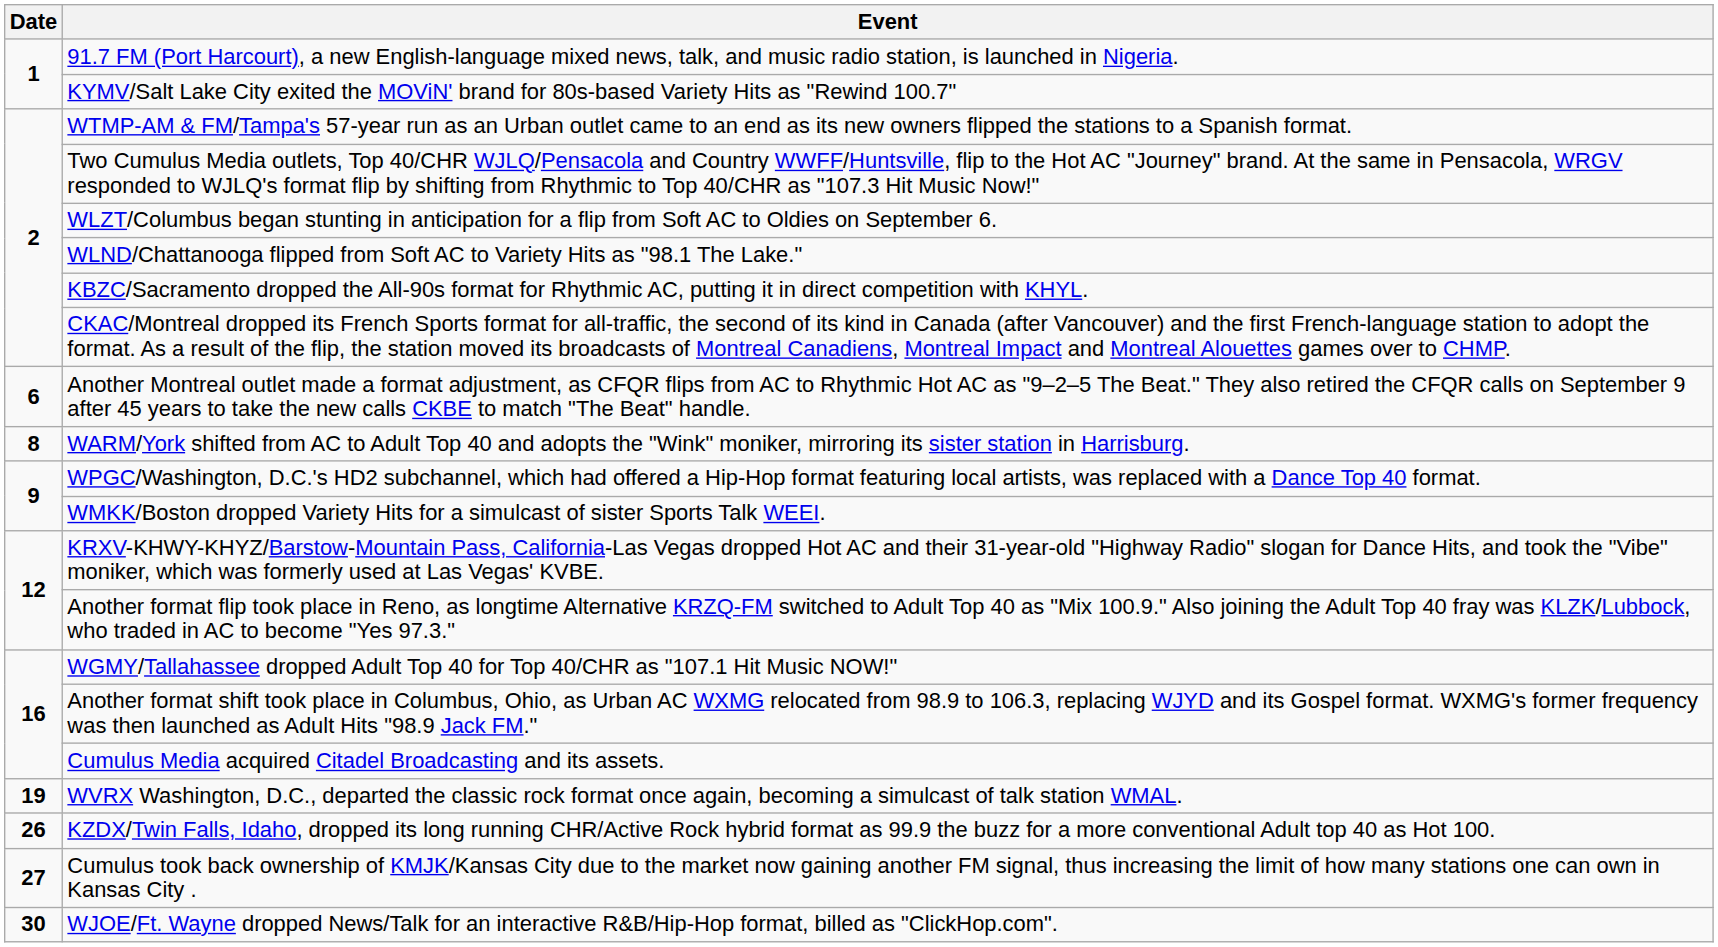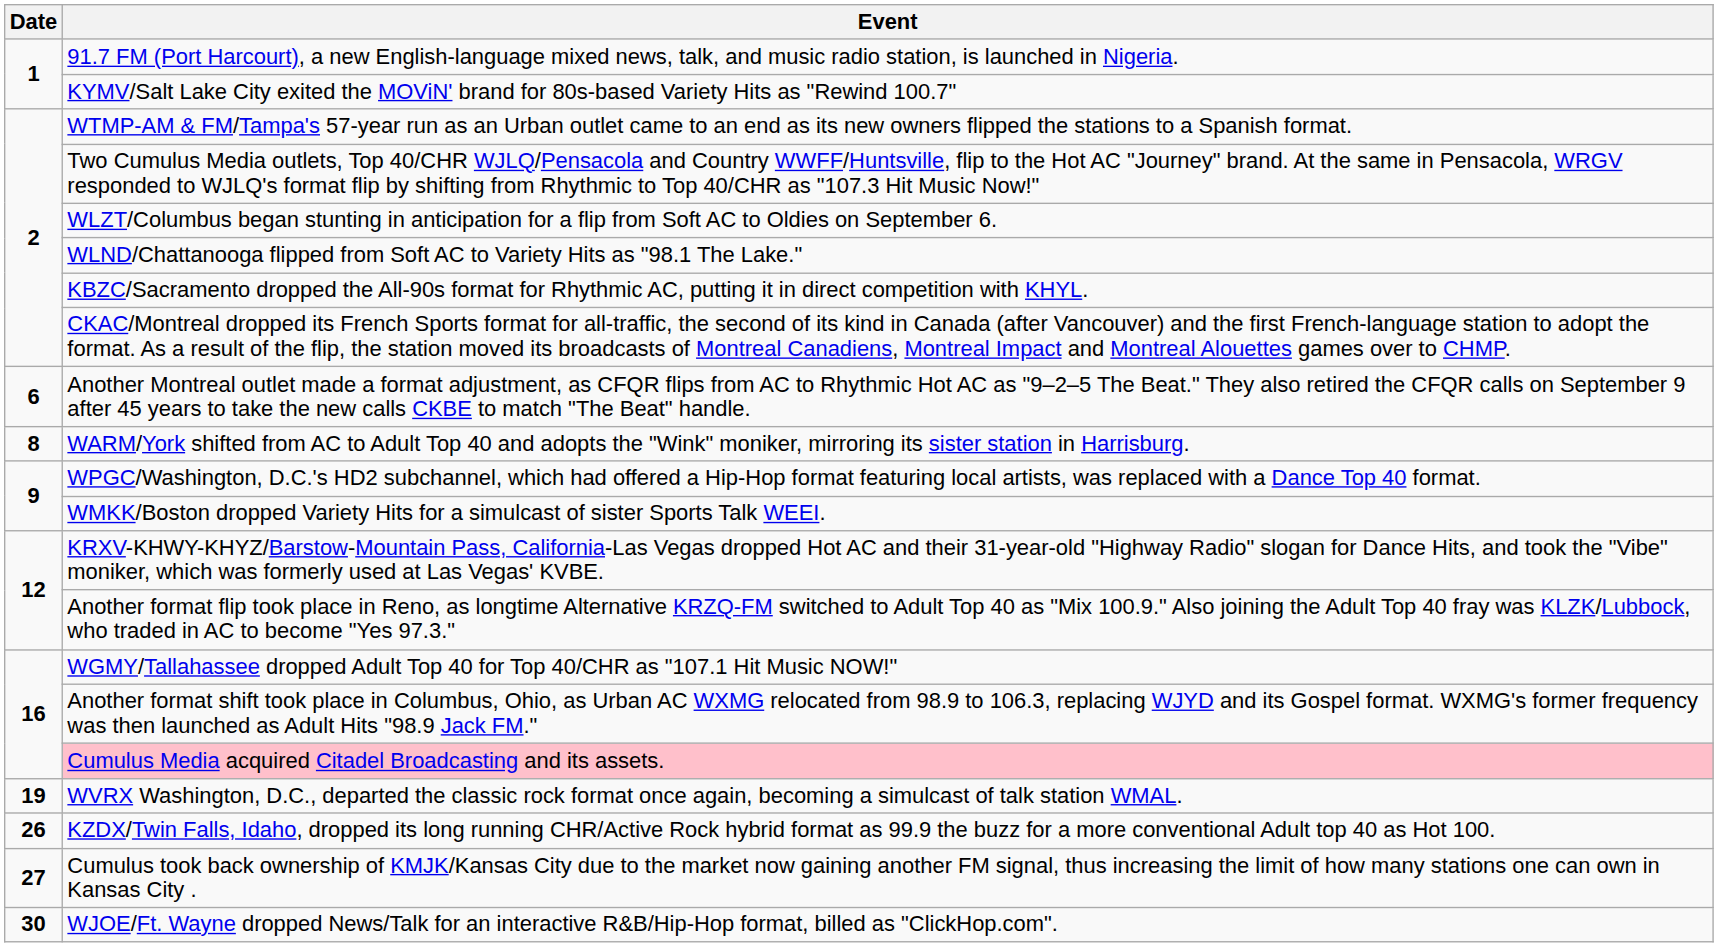 <table class="wikitable">
 <tr>
 <th>Date</th>
 <th>Event</th>
 </tr>
 <tr>
 <td style="text-align:center;" rowspan="2"><strong>1</strong></td>
 <td><a href='#'>91.7 FM (Port Harcourt)</a>, a new English-language mixed news, talk, and music radio station, is launched in <a href='#'>Nigeria</a>.</td>
 </tr>
 <tr>
 <td><a href='#'>KYMV</a>/Salt Lake City exited the <a href='#'>MOViN'</a> brand for 80s-based Variety Hits as "Rewind 100.7"</td>
 </tr>
 <tr>
 <td style="text-align:center;" rowspan="6"><strong>2</strong></td>
 <td><a href='#'>WTMP-AM & FM</a>/<a href='#'>Tampa's</a> 57-year run as an Urban outlet came to an end as its new owners flipped the stations to a Spanish format.</td>
 </tr>
 <tr>
 <td>Two Cumulus Media outlets, Top 40/CHR <a href='#'>WJLQ</a>/<a href='#'>Pensacola</a> and Country <a href='#'>WWFF</a>/<a href='#'>Huntsville</a>, flip to the Hot AC "Journey" brand. At the same in Pensacola, <a href='#'>WRGV</a> responded to WJLQ's format flip by shifting from Rhythmic to Top 40/CHR as "107.3 Hit Music Now!"</td>
 </tr>
 <tr>
 <td><a href='#'>WLZT</a>/Columbus began stunting in anticipation for a flip from Soft AC to Oldies on September 6.</td>
 </tr>
 <tr>
 <td><a href='#'>WLND</a>/Chattanooga flipped from Soft AC to Variety Hits as "98.1 The Lake."</td>
 </tr>
 <tr>
 <td><a href='#'>KBZC</a>/Sacramento dropped the All-90s format for Rhythmic AC, putting it in direct competition with <a href='#'>KHYL</a>.</td>
 </tr>
 <tr>
 <td><a href='#'>CKAC</a>/Montreal dropped its French Sports format for all-traffic, the second of its kind in Canada (after Vancouver) and the first French-language station to adopt the format. As a result of the flip, the station moved its broadcasts of <a href='#'>Montreal Canadiens</a>, <a href='#'>Montreal Impact</a> and <a href='#'>Montreal Alouettes</a> games over to <a href='#'>CHMP</a>.</td>
 </tr>
 <tr>
 <td style="text-align:center;"><strong>6</strong></td>
 <td>Another Montreal outlet made a format adjustment, as CFQR flips from AC to Rhythmic Hot AC as "9–2–5 The Beat." They also retired the CFQR calls on September 9 after 45 years to take the new calls <a href='#'>CKBE</a> to match "The Beat" handle.</td>
 </tr>
 <tr>
 <td style="text-align:center;"><strong>8</strong></td>
 <td><a href='#'>WARM</a>/<a href='#'>York</a> shifted from AC to Adult Top 40 and adopts the "Wink" moniker, mirroring its <a href='#'>sister station</a> in <a href='#'>Harrisburg</a>.</td>
 </tr>
 <tr>
 <td style="text-align:center;" rowspan="2"><strong>9</strong></td>
 <td><a href='#'>WPGC</a>/Washington, D.C.'s HD2 subchannel, which had offered a Hip-Hop format featuring local artists, was replaced with a <a href='#'>Dance Top 40</a> format.</td>
 </tr>
 <tr>
 <td><a href='#'>WMKK</a>/Boston dropped Variety Hits for a simulcast of sister Sports Talk <a href='#'>WEEI</a>.</td>
 </tr>
 <tr>
 <td style="text-align:center;" rowspan="2"><strong>12</strong></td>
 <td><a href='#'>KRXV</a>-KHWY-KHYZ/<a href='#'>Barstow</a>-<a href='#'>Mountain Pass, California</a>-Las Vegas dropped Hot AC and their 31-year-old "Highway Radio" slogan for Dance Hits, and took the "Vibe" moniker, which was formerly used at Las Vegas' KVBE.</td>
 </tr>
 <tr>
 <td>Another format flip took place in Reno, as longtime Alternative <a href='#'>KRZQ-FM</a> switched to Adult Top 40 as "Mix 100.9." Also joining the Adult Top 40 fray was <a href='#'>KLZK</a>/<a href='#'>Lubbock</a>, who traded in AC to become "Yes 97.3."</td>
 </tr>
 <tr>
 <td style="text-align:center;" rowspan="3"><strong>16</strong></td>
 <td><a href='#'>WGMY</a>/<a href='#'>Tallahassee</a> dropped Adult Top 40 for Top 40/CHR as "107.1 Hit Music NOW!"</td>
 </tr>
 <tr>
 <td>Another format shift took place in Columbus, Ohio, as Urban AC <a href='#'>WXMG</a> relocated from 98.9 to 106.3, replacing <a href='#'>WJYD</a> and its Gospel format. WXMG's former frequency was then launched as Adult Hits "98.9 <a href='#'>Jack FM</a>."</td>
 </tr>
 <tr>
-<td><a href='#'>Cumulus Media</a> acquired <a href='#'>Citadel Broadcasting</a> and its assets.</td>
+<td style="background: pink;"><a href='#'>Cumulus Media</a> acquired <a href='#'>Citadel Broadcasting</a> and its assets.</td>
 </tr>
 <tr>
 <td style="text-align:center;"><strong>19</strong></td>
 <td><a href='#'>WVRX</a> Washington, D.C., departed the classic rock format once again, becoming a simulcast of talk station <a href='#'>WMAL</a>.</td>
 </tr>
 <tr>
 <td style="text-align:center;"><strong>26</strong></td>
 <td><a href='#'>KZDX</a>/<a href='#'>Twin Falls, Idaho</a>, dropped its long running CHR/Active Rock hybrid format as 99.9 the buzz for a more conventional Adult top 40 as Hot 100.</td>
 </tr>
 <tr>
 <td style="text-align:center;"><strong>27</strong></td>
 <td>Cumulus took back ownership of <a href='#'>KMJK</a>/Kansas City due to the market now gaining another FM signal, thus increasing the limit of how many stations one can own in Kansas City .</td>
 </tr>
 <tr>
 <td style="text-align:center;"><strong>30</strong></td>
 <td><a href='#'>WJOE</a>/<a href='#'>Ft. Wayne</a> dropped News/Talk for an interactive R&B/Hip-Hop format, billed as "ClickHop.com".</td>
 </tr>
 </table>
